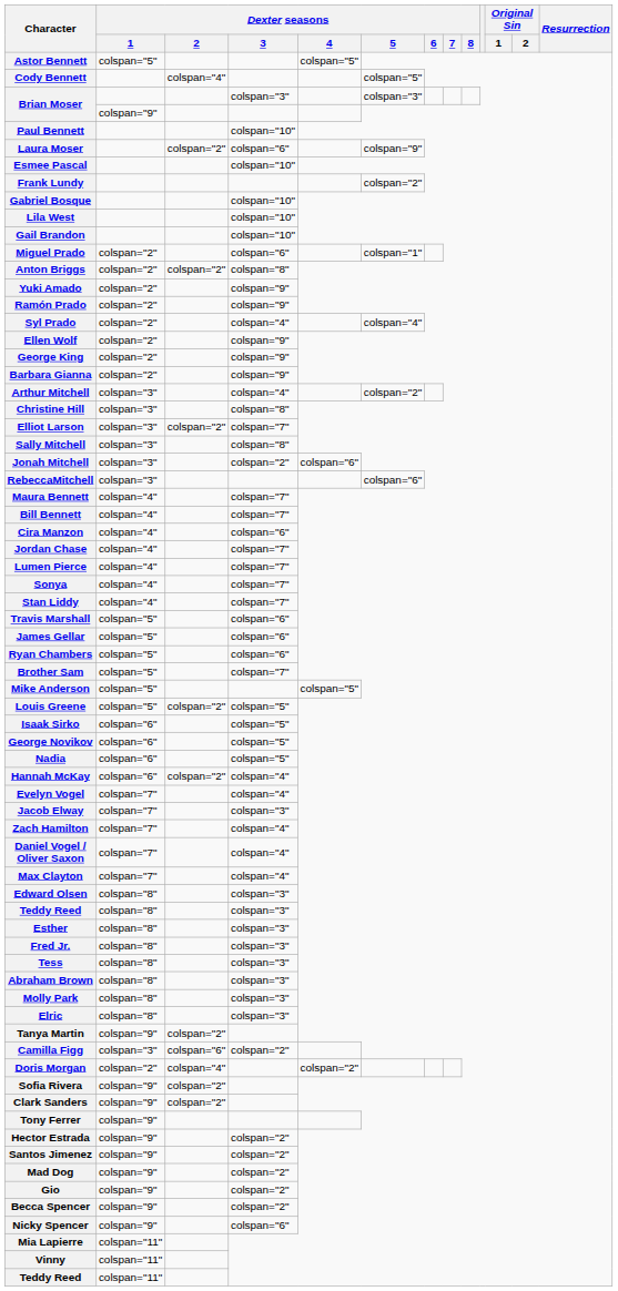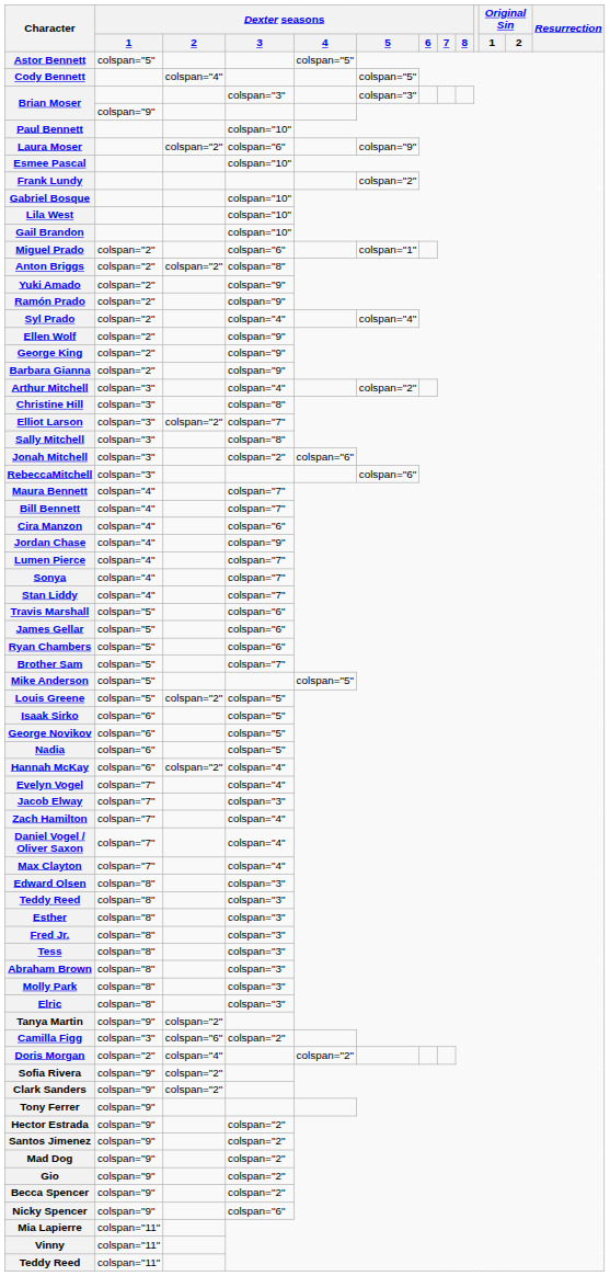 <table class="wikitable" width="100%">
 <tr>
 <th rowspan="2">Character</th>
 <th colspan="8"><em><a href='#'>Dexter</a></em> <a href='#'>seasons</a></th>
 <th rowspan="2" scope="col"><em><a href='#'></a></em></th>
 <th colspan="2" scope="col"><em><a href='#'>Original Sin</a></em></th>
 <th rowspan="2" scope="col"><em><a href='#'>Resurrection</a></em></th>
 </tr>
 <tr>
 <th width="6%" scope="col"><a href='#'>1</a></th>
 <th width="6%" scope="col"><a href='#'>2</a></th>
 <th width="6%" scope="col"><a href='#'>3</a></th>
 <th width="6%" scope="col"><a href='#'>4</a></th>
 <th width="6%" scope="col"><a href='#'>5</a></th>
 <th width="6%" scope="col"><a href='#'>6</a></th>
 <th width="6%" scope="col"><a href='#'>7</a></th>
 <th width="6%" scope="col"><a href='#'>8</a></th>
 <th width="6%" scope="col">1</th>
 <th width="6%" scope="col">2</th>
 </tr>
 <tr>
 <th><a href='#'>Astor Bennett</a></th>
 <td>colspan="5" </td>
 <td></td>
 <td></td>
 <td>colspan="5" </td>
 </tr>
 <tr>
 <th><a href='#'>Cody Bennett</a></th>
 <td></td>
 <td>colspan="4" </td>
 <td></td>
 <td></td>
 <td>colspan="5" </td>
 </tr>
 <tr>
 <th rowspan="2"><a href='#'>Brian Moser</a></th>
 <td></td>
 <td></td>
 <td>colspan="3" </td>
 <td></td>
 <td>colspan="3" </td>
 <td></td>
 <td></td>
 <td></td>
 </tr>
 <tr>
 <td>colspan="9" </td>
 <td></td>
 <td></td>
 <td></td>
 </tr>
 <tr>
 <th><a href='#'>Paul Bennett</a></th>
 <td></td>
 <td></td>
 <td>colspan="10" </td>
 </tr>
 <tr>
 <th><a href='#'>Laura Moser</a></th>
 <td></td>
 <td>colspan="2" </td>
 <td>colspan="6" </td>
 <td></td>
 <td>colspan="9" </td>
 </tr>
 <tr>
 <th><a href='#'>Esmee Pascal</a></th>
 <td></td>
 <td></td>
 <td>colspan="10" </td>
 </tr>
 <tr>
 <th><a href='#'>Frank Lundy</a></th>
 <td></td>
 <td></td>
 <td></td>
 <td></td>
 <td>colspan="2" </td>
 </tr>
 <tr>
 <th><a href='#'>Gabriel Bosque</a></th>
 <td></td>
 <td></td>
 <td>colspan="10" </td>
 </tr>
 <tr>
 <th><a href='#'>Lila West</a></th>
 <td></td>
 <td></td>
 <td>colspan="10" </td>
 </tr>
 <tr>
 <th><a href='#'>Gail Brandon</a></th>
 <td></td>
 <td></td>
 <td>colspan="10" </td>
 </tr>
 <tr>
 <th><a href='#'>Miguel Prado</a></th>
 <td>colspan="2" </td>
 <td></td>
 <td>colspan="6" </td>
 <td></td>
 <td>colspan="1" </td>
 <td></td>
 </tr>
 <tr>
 <th><a href='#'>Anton Briggs</a></th>
 <td>colspan="2" </td>
 <td>colspan="2" </td>
 <td>colspan="8" </td>
 </tr>
 <tr>
 <th><a href='#'>Yuki Amado</a></th>
 <td>colspan="2" </td>
 <td></td>
 <td>colspan="9" </td>
 </tr>
 <tr>
 <th><a href='#'>Ramón Prado</a></th>
 <td>colspan="2" </td>
 <td></td>
 <td>colspan="9" </td>
 </tr>
 <tr>
 <th><a href='#'>Syl Prado</a></th>
 <td>colspan="2" </td>
 <td></td>
 <td>colspan="4" </td>
 <td></td>
 <td>colspan="4" </td>
 </tr>
 <tr>
 <th><a href='#'>Ellen Wolf</a></th>
 <td>colspan="2" </td>
 <td></td>
 <td>colspan="9" </td>
 </tr>
 <tr>
 <th><a href='#'>George King</a></th>
 <td>colspan="2" </td>
 <td></td>
 <td>colspan="9" </td>
 </tr>
 <tr>
 <th><a href='#'>Barbara Gianna</a></th>
 <td>colspan="2" </td>
 <td></td>
 <td>colspan="9" </td>
 </tr>
 <tr>
 <th><a href='#'>Arthur Mitchell</a></th>
 <td>colspan="3" </td>
 <td></td>
 <td>colspan="4" </td>
 <td></td>
 <td>colspan="2" </td>
 <td></td>
 </tr>
 <tr>
 <th><a href='#'>Christine Hill</a></th>
 <td>colspan="3" </td>
 <td></td>
 <td>colspan="8" </td>
 </tr>
 <tr>
 <th><a href='#'>Elliot Larson</a></th>
 <td>colspan="3" </td>
 <td>colspan="2" </td>
 <td>colspan="7" </td>
 </tr>
 <tr>
 <th><a href='#'>Sally Mitchell</a></th>
 <td>colspan="3" </td>
 <td></td>
 <td>colspan="8" </td>
 </tr>
 <tr>
 <th><a href='#'>Jonah Mitchell</a></th>
 <td>colspan="3" </td>
 <td></td>
 <td>colspan="2" </td>
 <td>colspan="6" </td>
 </tr>
 <tr>
 <th><a href='#'>RebeccaMitchell</a></th>
 <td>colspan="3" </td>
 <td></td>
 <td></td>
 <td></td>
 <td>colspan="6" </td>
 </tr>
 <tr>
 <th><a href='#'>Maura Bennett</a></th>
 <td>colspan="4" </td>
 <td></td>
 <td>colspan="7" </td>
 </tr>
 <tr>
 <th><a href='#'>Bill Bennett</a></th>
 <td>colspan="4" </td>
 <td></td>
 <td>colspan="7" </td>
 </tr>
 <tr>
 <th><a href='#'>Cira Manzon</a></th>
 <td>colspan="4" </td>
 <td></td>
 <td>colspan="6" </td>
 </tr>
 <tr>
 <th><a href='#'>Jordan Chase</a></th>
 <td>colspan="4" </td>
 <td></td>
-<td>colspan="7" </td>
+<td>colspan="9" </td>
 </tr>
 <tr>
 <th><a href='#'>Lumen Pierce</a></th>
 <td>colspan="4" </td>
 <td></td>
 <td>colspan="7" </td>
 </tr>
 <tr>
 <th><a href='#'>Sonya</a></th>
 <td>colspan="4" </td>
 <td></td>
 <td>colspan="7" </td>
 </tr>
 <tr>
 <th><a href='#'>Stan Liddy</a></th>
 <td>colspan="4" </td>
 <td></td>
 <td>colspan="7" </td>
 </tr>
 <tr>
 <th><a href='#'>Travis Marshall</a></th>
 <td>colspan="5" </td>
 <td></td>
 <td>colspan="6" </td>
 </tr>
 <tr>
 <th><a href='#'>James Gellar</a></th>
 <td>colspan="5" </td>
 <td></td>
 <td>colspan="6" </td>
 </tr>
 <tr>
 <th><a href='#'>Ryan Chambers</a></th>
 <td>colspan="5" </td>
 <td></td>
 <td>colspan="6" </td>
 </tr>
 <tr>
 <th><a href='#'>Brother Sam</a></th>
 <td>colspan="5" </td>
 <td></td>
 <td>colspan="7" </td>
 </tr>
 <tr>
 <th><a href='#'>Mike Anderson</a></th>
 <td>colspan="5" </td>
 <td></td>
 <td></td>
 <td>colspan="5" </td>
 </tr>
 <tr>
 <th><a href='#'>Louis Greene</a></th>
 <td>colspan="5" </td>
 <td>colspan="2" </td>
 <td>colspan="5" </td>
 </tr>
 <tr>
 <th><a href='#'>Isaak Sirko</a></th>
 <td>colspan="6" </td>
 <td></td>
 <td>colspan="5" </td>
 </tr>
 <tr>
 <th><a href='#'>George Novikov</a></th>
 <td>colspan="6" </td>
 <td></td>
 <td>colspan="5" </td>
 </tr>
 <tr>
 <th><a href='#'>Nadia</a></th>
 <td>colspan="6" </td>
 <td></td>
 <td>colspan="5" </td>
 </tr>
 <tr>
 <th><a href='#'>Hannah McKay</a></th>
 <td>colspan="6" </td>
 <td>colspan="2" </td>
 <td>colspan="4" </td>
 </tr>
 <tr>
 <th><a href='#'>Evelyn Vogel</a></th>
 <td>colspan="7" </td>
 <td></td>
 <td>colspan="4" </td>
 </tr>
 <tr>
 <th><a href='#'>Jacob Elway</a></th>
 <td>colspan="7" </td>
 <td></td>
 <td>colspan="3" </td>
 </tr>
 <tr>
 <th><a href='#'>Zach Hamilton</a></th>
 <td>colspan="7" </td>
 <td></td>
 <td>colspan="4" </td>
 </tr>
 <tr>
 <th><a href='#'>Daniel Vogel / Oliver Saxon</a></th>
 <td>colspan="7" </td>
 <td></td>
 <td>colspan="4" </td>
 </tr>
 <tr>
 <th><a href='#'>Max Clayton</a></th>
 <td>colspan="7" </td>
 <td></td>
 <td>colspan="4" </td>
 </tr>
 <tr>
 <th><a href='#'>Edward Olsen</a></th>
 <td>colspan="8" </td>
 <td></td>
 <td>colspan="3" </td>
 </tr>
 <tr>
 <th><a href='#'>Teddy Reed</a></th>
 <td>colspan="8" </td>
 <td></td>
 <td>colspan="3" </td>
 </tr>
 <tr>
 <th><a href='#'>Esther</a></th>
 <td>colspan="8" </td>
 <td></td>
 <td>colspan="3" </td>
 </tr>
 <tr>
 <th><a href='#'>Fred Jr.</a></th>
 <td>colspan="8" </td>
 <td></td>
 <td>colspan="3" </td>
 </tr>
 <tr>
 <th><a href='#'>Tess</a></th>
 <td>colspan="8" </td>
 <td></td>
 <td>colspan="3" </td>
 </tr>
 <tr>
 <th><a href='#'>Abraham Brown</a></th>
 <td>colspan="8" </td>
 <td></td>
 <td>colspan="3" </td>
 </tr>
 <tr>
 <th><a href='#'>Molly Park</a></th>
 <td>colspan="8" </td>
 <td></td>
 <td>colspan="3" </td>
 </tr>
 <tr>
 <th><a href='#'>Elric</a></th>
 <td>colspan="8" </td>
 <td></td>
 <td>colspan="3"  </td>
 </tr>
 <tr>
 <th>Tanya Martin</th>
 <td>colspan="9" </td>
 <td>colspan="2" </td>
 <td></td>
 </tr>
 <tr>
 <th><a href='#'>Camilla Figg</a></th>
 <td>colspan="3" </td>
 <td>colspan="6" </td>
 <td>colspan="2" </td>
 <td></td>
 </tr>
 <tr>
 <th><a href='#'>Doris Morgan</a></th>
 <td>colspan="2" </td>
 <td>colspan="4" </td>
 <td></td>
 <td>colspan="2" </td>
 <td></td>
 <td></td>
 <td></td>
 </tr>
 <tr>
 <th>Sofia Rivera</th>
 <td>colspan="9" </td>
 <td>colspan="2" </td>
 <td></td>
 </tr>
 <tr>
 <th>Clark Sanders</th>
 <td>colspan="9" </td>
 <td>colspan="2" </td>
 <td></td>
 </tr>
 <tr>
 <th>Tony Ferrer</th>
 <td>colspan="9" </td>
 <td></td>
 <td></td>
 <td></td>
 </tr>
 <tr>
 <th>Hector Estrada</th>
 <td>colspan="9" </td>
 <td></td>
 <td>colspan="2" </td>
 </tr>
 <tr>
 <th>Santos Jimenez</th>
 <td>colspan="9" </td>
 <td></td>
 <td>colspan="2" </td>
 </tr>
 <tr>
 <th>Mad Dog</th>
 <td>colspan="9" </td>
 <td></td>
 <td>colspan="2" </td>
 </tr>
 <tr>
 <th>Gio</th>
 <td>colspan="9" </td>
 <td></td>
 <td>colspan="2" </td>
 </tr>
 <tr>
 <th>Becca Spencer</th>
 <td>colspan="9" </td>
 <td></td>
 <td>colspan="2" </td>
 </tr>
 <tr>
 <th>Nicky Spencer</th>
 <td>colspan="9" </td>
 <td></td>
 <td>colspan="6" </td>
 </tr>
 <tr>
 <th>Mia Lapierre</th>
 <td>colspan="11" </td>
 <td></td>
 </tr>
 <tr>
 <th>Vinny</th>
 <td>colspan="11" </td>
 <td></td>
 </tr>
 <tr>
 <th>Teddy Reed</th>
 <td>colspan="11" </td>
 <td></td>
 </tr>
 </table>
